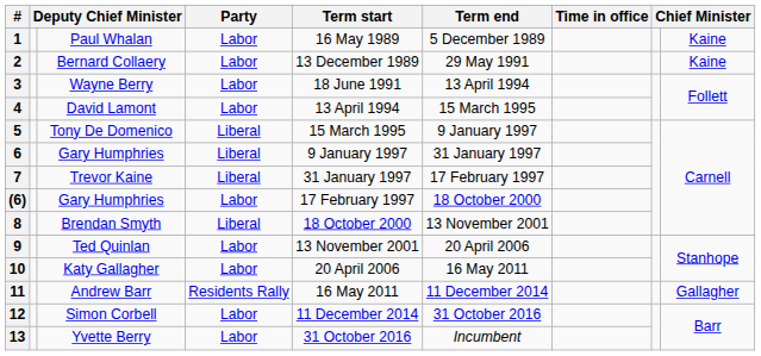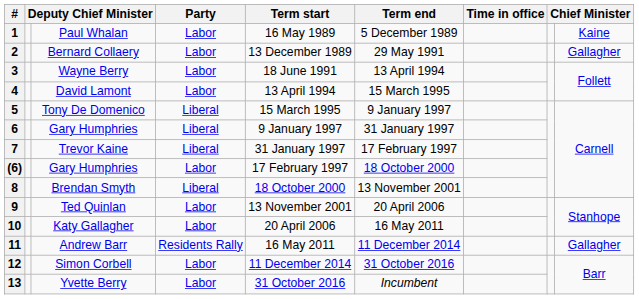 <table class="wikitable" style="text-align:center">
 <tr>
 <th class=unsortable>#</th>
 <th colspan=2>Deputy Chief Minister<br></th>
 <th>Party</th>
 <th>Term start</th>
 <th>Term end</th>
 <th>Time in office</th>
 <th colspan=2>Chief Minister </th>
 </tr>
 <tr>
 <th style="background:">1</th>
 <td></td>
 <td><a href='#'>Paul Whalan</a> <br> </td>
 <td><a href='#'>Labor</a></td>
 <td>16 May 1989</td>
 <td>5 December 1989</td>
 <td></td>
 <td style="background-color: "></td>
 <td><a href='#'>Kaine</a> </td>
 </tr>
 <tr>
 <th style="background:">2</th>
 <td></td>
 <td><a href='#'>Bernard Collaery</a> <br> </td>
 <td><a href='#'>Labor</a></td>
 <td>13 December 1989</td>
 <td>29 May 1991</td>
 <td></td>
 <td style="background-color: "></td>
-<td><a href='#'>Kaine</a> </td>
+<td><a href='#'>Gallagher</a> </td>
 </tr>
 <tr>
 <th style="background:">3</th>
 <td></td>
 <td><a href='#'>Wayne Berry</a> <br> </td>
 <td><a href='#'>Labor</a></td>
 <td>18 June 1991</td>
 <td>13 April 1994</td>
 <td></td>
 <td rowspan=2; style="background-color: "></td>
 <td rowspan=2><a href='#'>Follett</a> </td>
 </tr>
 <tr>
 <th style="background:">4</th>
 <td></td>
 <td><a href='#'>David Lamont</a> <br> </td>
 <td><a href='#'>Labor</a></td>
 <td>13 April 1994</td>
 <td>15 March 1995</td>
 <td></td>
 </tr>
 <tr>
 <th style="background:">5</th>
 <td></td>
 <td><a href='#'>Tony De Domenico</a> <br> </td>
 <td><a href='#'>Liberal</a></td>
 <td>15 March 1995</td>
 <td>9 January 1997</td>
 <td></td>
 <td rowspan=5; style="background-color: "></td>
 <td rowspan=5><a href='#'>Carnell</a> </td>
 </tr>
 <tr>
 <th style="background:">6</th>
 <td></td>
 <td><a href='#'>Gary Humphries</a> <br> </td>
 <td><a href='#'>Liberal</a></td>
 <td>9 January 1997</td>
 <td>31 January 1997</td>
 <td></td>
 </tr>
 <tr>
 <th style="background:">7</th>
 <td></td>
 <td><a href='#'>Trevor Kaine</a> <br> </td>
 <td><a href='#'>Liberal</a></td>
 <td>31 January 1997</td>
 <td>17 February 1997</td>
 <td></td>
 </tr>
 <tr>
 <th style="background:">(6)</th>
 <td></td>
 <td><a href='#'>Gary Humphries</a> <br> </td>
 <td><a href='#'>Labor</a></td>
 <td>17 February 1997</td>
 <td><a href='#'>18 October 2000</a></td>
 <td></td>
 </tr>
 <tr>
 <th style="background:">8</th>
 <td></td>
 <td><a href='#'>Brendan Smyth</a> <br> </td>
 <td><a href='#'>Liberal</a></td>
 <td><a href='#'>18 October 2000</a></td>
 <td>13 November 2001</td>
 <td></td>
 </tr>
 <tr>
 <th style="background:">9</th>
 <td></td>
 <td><a href='#'>Ted Quinlan</a> <br> </td>
 <td><a href='#'>Labor</a></td>
 <td>13 November 2001</td>
 <td>20 April 2006</td>
 <td></td>
 <td rowspan=2; style="background-color: "></td>
 <td rowspan=2><a href='#'>Stanhope</a> </td>
 </tr>
 <tr>
 <th style="background:">10</th>
 <td></td>
 <td><a href='#'>Katy Gallagher</a> <br> </td>
 <td><a href='#'>Labor</a></td>
 <td>20 April 2006</td>
 <td>16 May 2011</td>
 <td></td>
 </tr>
 <tr>
 <th style="background:">11</th>
 <td></td>
 <td><a href='#'>Andrew Barr</a> <br> </td>
 <td><a href='#'>Residents Rally</a></td>
 <td>16 May 2011</td>
 <td><a href='#'>11 December 2014</a></td>
 <td></td>
 <td style="background-color: "></td>
 <td><a href='#'>Gallagher</a> </td>
 </tr>
 <tr>
 <th style="background:">12</th>
 <td></td>
 <td><a href='#'>Simon Corbell</a> <br> </td>
 <td><a href='#'>Labor</a></td>
 <td><a href='#'>11 December 2014</a></td>
 <td><a href='#'>31 October 2016</a></td>
 <td></td>
 <td rowspan=2; style="background-color: "></td>
 <td rowspan=2><a href='#'>Barr</a> </td>
 </tr>
 <tr>
 <th style="background:">13</th>
 <td></td>
 <td><a href='#'>Yvette Berry</a> <br> </td>
 <td><a href='#'>Labor</a></td>
 <td><a href='#'>31 October 2016</a></td>
 <td><em>Incumbent</em></td>
 <td><strong></strong></td>
 </tr>
 </table>
